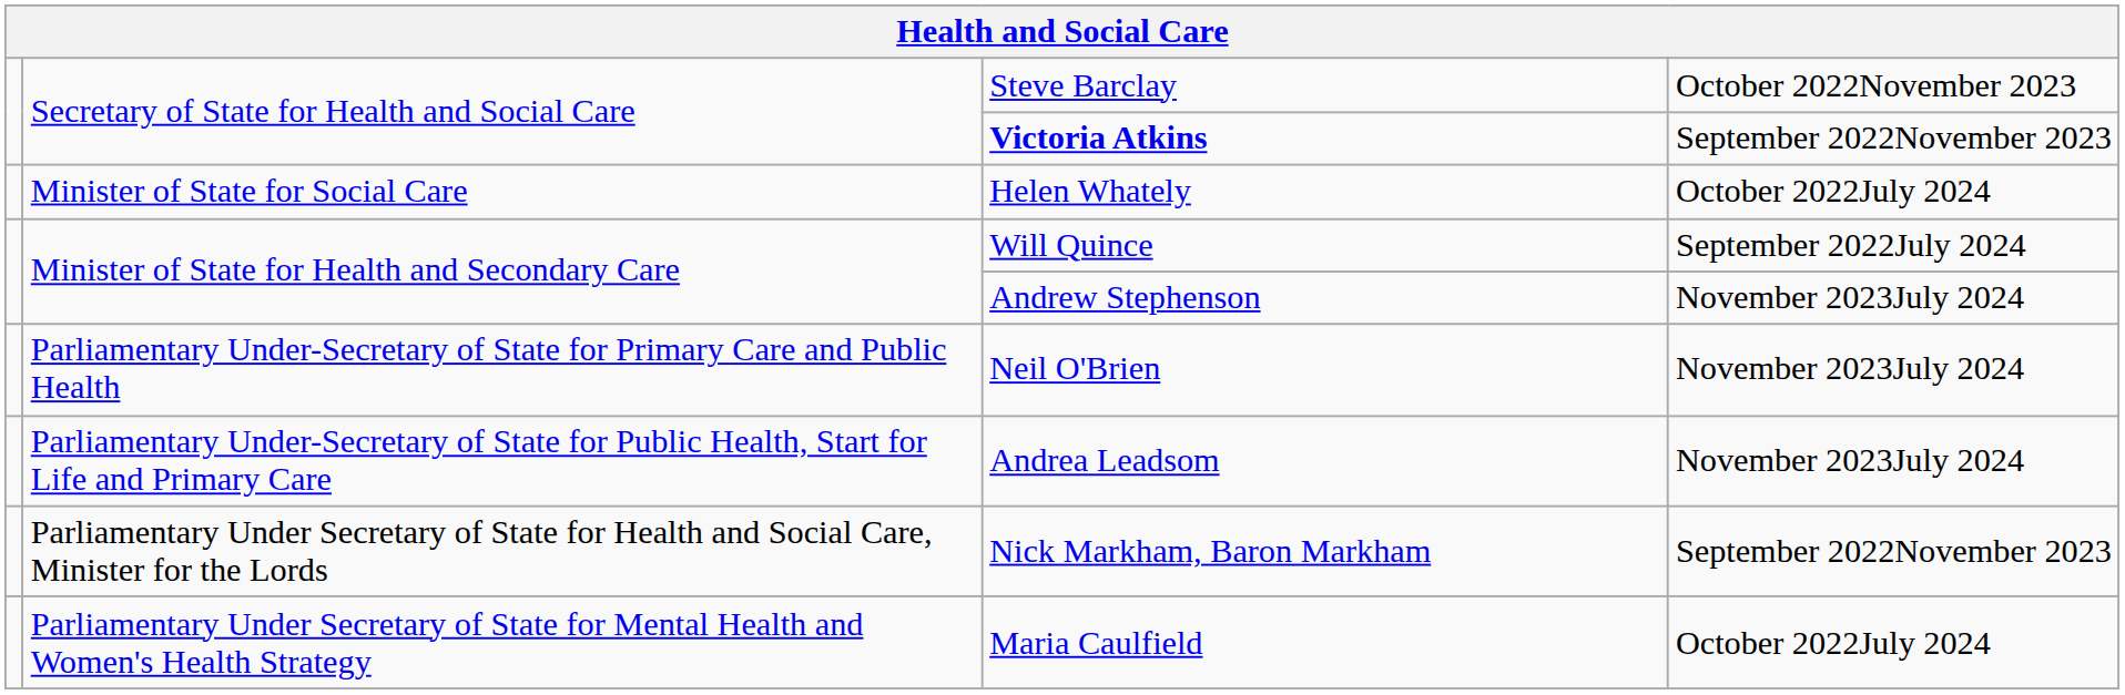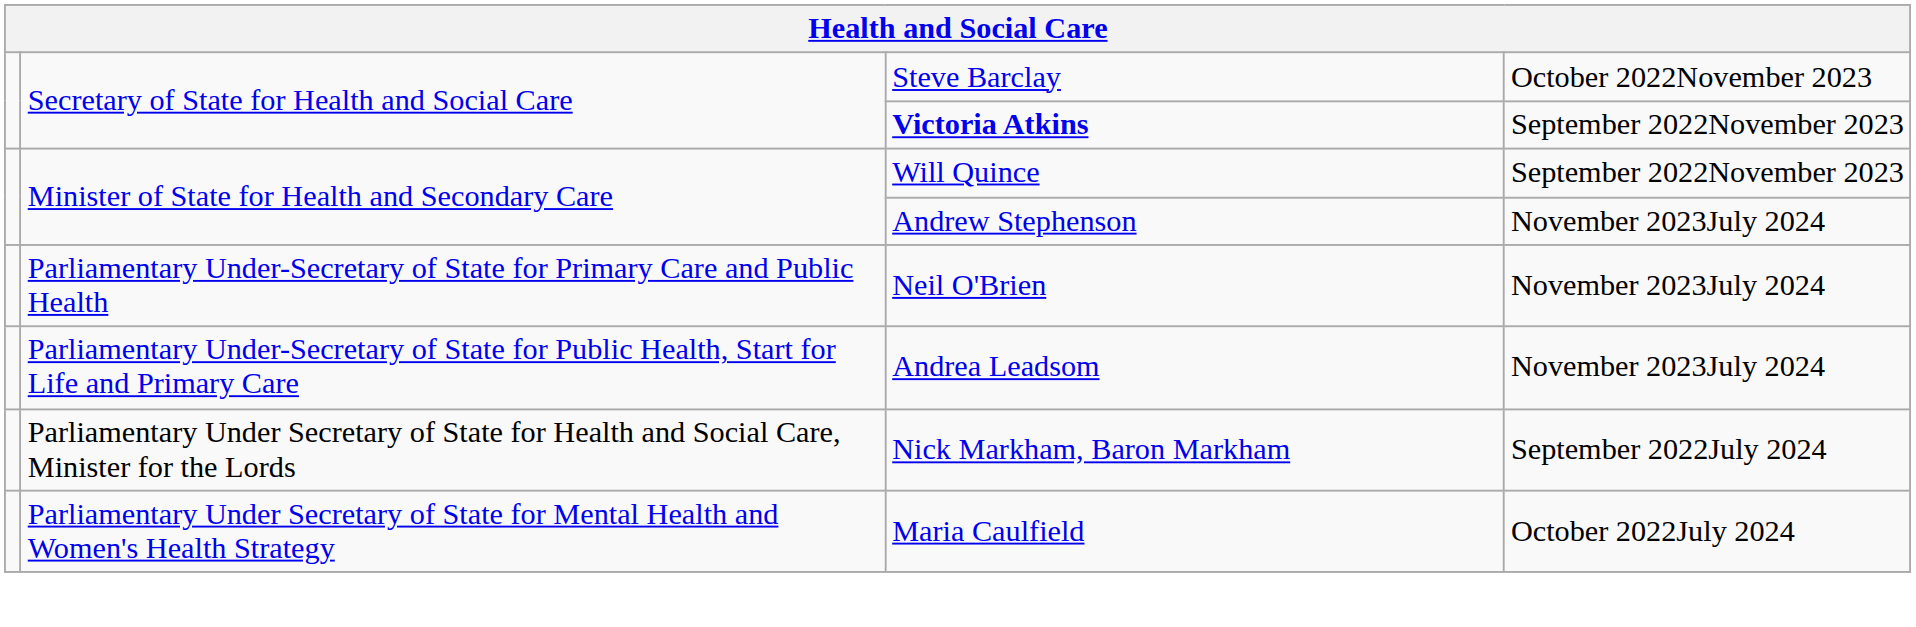 <table class="wikitable">
 <tr>
 <th colspan="4"><a href='#'>Health and Social Care</a></th>
 </tr>
 <tr>
 <td rowspan="2" style="width: 1px; background: "></td>
 <td rowspan="2" style="width: 450px;"><a href='#'>Secretary of State for Health and Social Care</a></td>
 <td style="width: 320px;"><a href='#'>Steve Barclay</a></td>
 <td>October 2022November 2023</td>
 </tr>
 <tr>
 <td style="width: 320px;"><strong><a href='#'>Victoria Atkins</a></strong></td>
 <td>September 2022November 2023</td>
 </tr>
 <tr>
-<td rowspan="1" style="width: 1px; background: "></td>
-<td rowspan="1" style="width: 450px;"><a href='#'>Minister of State for Social Care</a></td>
-<td><a href='#'>Helen Whately</a></td>
-<td>October 2022July 2024</td>
-</tr>
-<tr>
 <td rowspan="2" style="width: 1px; background: "></td>
 <td rowspan="2"  style="width: 450px;"><a href='#'>Minister of State for Health and Secondary Care</a></td>
 <td><a href='#'>Will Quince</a></td>
-<td>September 2022July 2024</td>
+<td>September 2022November 2023</td>
 </tr>
 <tr>
 <td><a href='#'>Andrew Stephenson</a></td>
 <td>November 2023July 2024</td>
 </tr>
 <tr>
 <td rowspan="1" style="width: 1px; background: "></td>
 <td rowspan="1" style="width: 450px;"><a href='#'>Parliamentary Under-Secretary of State for Primary Care and Public Health</a></td>
 <td><a href='#'>Neil O'Brien</a></td>
 <td>November 2023July 2024</td>
 </tr>
 <tr>
 <td rowspan="1" style="width: 1px; background: "></td>
 <td rowspan="1" style="width: 450px;"><a href='#'>Parliamentary Under-Secretary of State for Public Health, Start for Life and Primary Care</a></td>
 <td><a href='#'>Andrea Leadsom</a></td>
 <td>November 2023July 2024</td>
 </tr>
 <tr>
 <td rowspan="1" style="width: 1px; background: "></td>
 <td rowspan="1">Parliamentary Under Secretary of State for Health and Social Care, Minister for the Lords</td>
 <td><a href='#'>Nick Markham, Baron Markham</a> </td>
-<td>September 2022November 2023</td>
+<td>September 2022July 2024</td>
 </tr>
 <tr>
 <td rowspan="1" style="width: 1px; background: "></td>
 <td rowspan="1" style="width: 450px;"><a href='#'>Parliamentary Under Secretary of State for Mental Health and Women's Health Strategy</a></td>
 <td><a href='#'>Maria Caulfield</a></td>
 <td>October 2022July 2024</td>
 </tr>
 </table>
